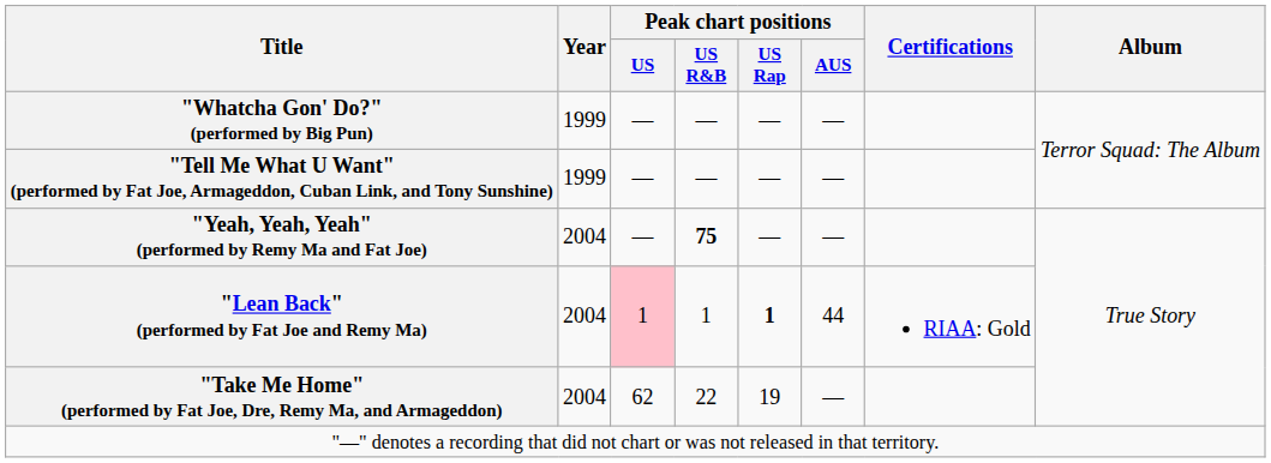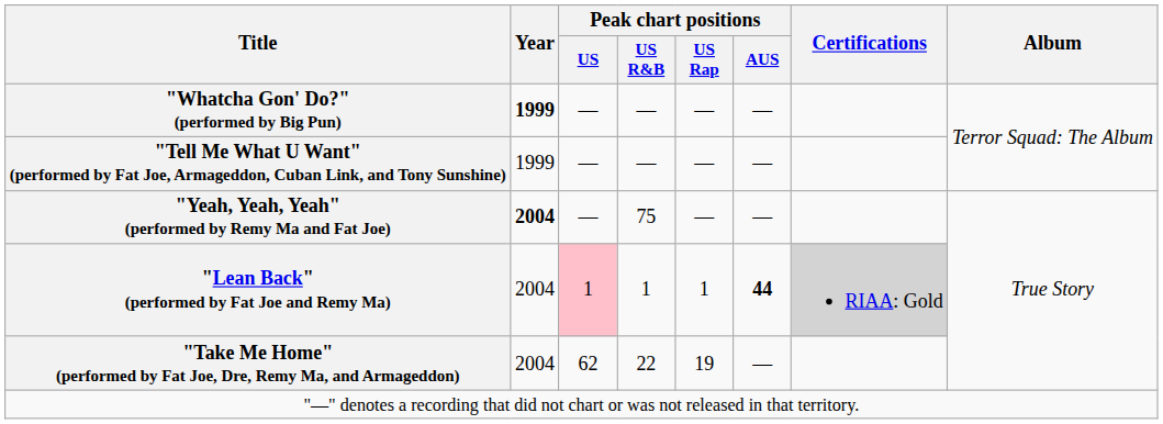 <table class="wikitable plainrowheaders" style="text-align:center;">
 <tr>
 <th scope="col" rowspan="2">Title</th>
 <th scope="col" rowspan="2">Year</th>
 <th scope="col" colspan="4">Peak chart positions</th>
 <th scope="col" rowspan="2"><a href='#'>Certifications</a></th>
 <th scope="col" rowspan="2">Album</th>
 </tr>
 <tr>
 <th style="width:3em;font-size:85%;"><a href='#'>US</a><br></th>
 <th style="width:3em;font-size:85%;"><a href='#'>US R&B</a><br></th>
 <th style="width:3em;font-size:85%;"><a href='#'>US Rap</a><br></th>
 <th style="width:3em;font-size:85%;"><a href='#'>AUS</a><br></th>
 </tr>
 <tr>
 <th scope="row">"Whatcha Gon' Do?"<br><small>(performed by Big Pun)</small></th>
-<td>1999</td>
+<td><strong>1999</strong></td>
 <td>—</td>
 <td>—</td>
 <td>—</td>
 <td>—</td>
 <td></td>
 <td rowspan="2"><em>Terror Squad: The Album</em></td>
 </tr>
 <tr>
 <th scope="row">"Tell Me What U Want"<br><small>(performed by Fat Joe, Armageddon, Cuban Link, and Tony Sunshine)</small></th>
 <td>1999</td>
 <td>—</td>
 <td>—</td>
 <td>—</td>
 <td>—</td>
 <td></td>
 </tr>
 <tr>
 <th scope="row">"Yeah, Yeah, Yeah"<br><small>(performed by Remy Ma and Fat Joe)</small></th>
-<td>2004</td>
+<td><strong>2004</strong></td>
 <td>—</td>
-<td><strong>75</strong></td>
+<td>75</td>
 <td>—</td>
 <td>—</td>
 <td></td>
 <td rowspan="3"><em>True Story</em></td>
 </tr>
 <tr>
 <th scope="row">"<a href='#'>Lean Back</a>"<br><small>(performed by Fat Joe and Remy Ma)</small></th>
 <td>2004</td>
 <td style="background: pink;">1</td>
 <td>1</td>
-<td><strong>1</strong></td>
-<td>44</td>
-<td><br><ul><li><a href='#'>RIAA</a>: Gold</li></ul></td>
+<td>1</td>
+<td><strong>44</strong></td>
+<td style="background: lightgrey;"><br><ul><li><a href='#'>RIAA</a>: Gold</li></ul></td>
 </tr>
 <tr>
 <th scope="row">"Take Me Home"<br><small>(performed by Fat Joe, Dre, Remy Ma, and Armageddon)</small></th>
 <td>2004</td>
 <td>62</td>
 <td>22</td>
 <td>19</td>
 <td>—</td>
 <td></td>
 </tr>
 <tr>
 <td colspan="8" style="font-size:90%">"—" denotes a recording that did not chart or was not released in that territory.</td>
 </tr>
 </table>
